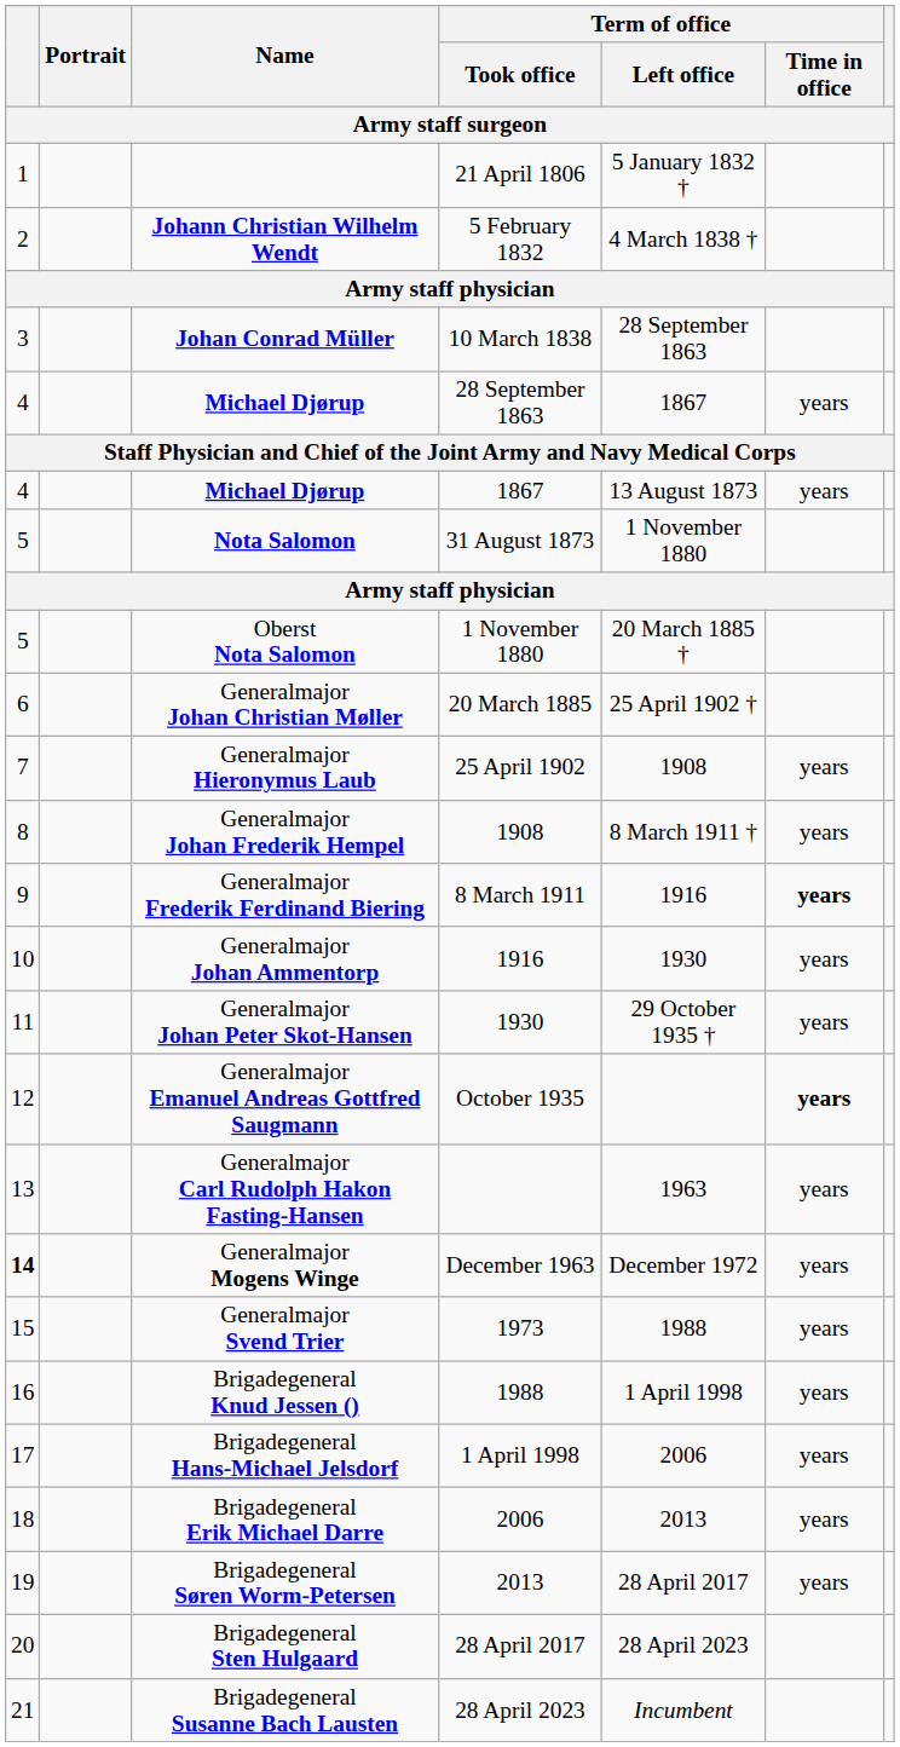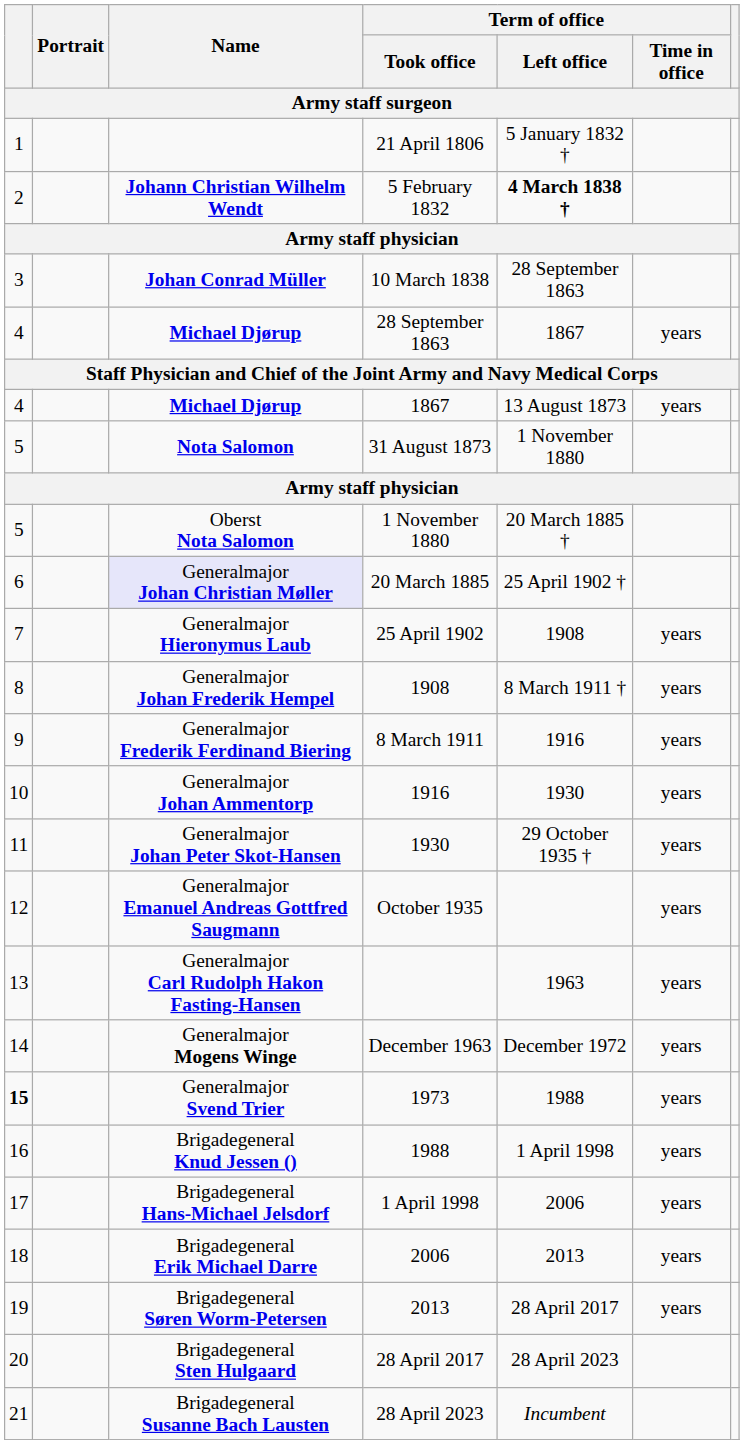 <table class="wikitable" style="text-align:center">
 <tr>
 <th rowspan=2></th>
 <th rowspan=2>Portrait</th>
 <th rowspan=2>Name<br></th>
 <th colspan=3>Term of office</th>
 <th rowspan=2></th>
 </tr>
 <tr>
 <th>Took office</th>
 <th>Left office</th>
 <th>Time in office</th>
 </tr>
 <tr>
 <th colspan=7>Army staff surgeon<br></th>
 </tr>
 <tr>
 <td>1</td>
 <td></td>
 <td><strong></strong><br></td>
 <td>21 April 1806</td>
 <td>5 January 1832 †</td>
 <td></td>
 <td></td>
 </tr>
 <tr>
 <td>2</td>
 <td></td>
 <td><strong><a href='#'>Johann Christian Wilhelm Wendt</a></strong><br></td>
 <td>5 February 1832</td>
-<td>4 March 1838 †</td>
+<td><strong>4 March 1838 †</strong></td>
 <td></td>
 <td></td>
 </tr>
 <tr>
 <th colspan=7>Army staff physician<br></th>
 </tr>
 <tr>
 <td>3</td>
 <td></td>
 <td><strong><a href='#'>Johan Conrad Müller</a></strong><br></td>
 <td>10 March 1838</td>
 <td>28 September 1863</td>
 <td></td>
 <td></td>
 </tr>
 <tr>
 <td>4</td>
 <td></td>
 <td><strong><a href='#'>Michael Djørup</a></strong><br></td>
 <td>28 September 1863</td>
 <td>1867</td>
 <td> years</td>
 <td></td>
 </tr>
 <tr>
 <th colspan=7>Staff Physician and Chief of the Joint Army and Navy Medical Corps<br></th>
 </tr>
 <tr>
 <td>4</td>
 <td></td>
 <td><strong><a href='#'>Michael Djørup</a></strong><br></td>
 <td>1867</td>
 <td>13 August 1873</td>
 <td> years</td>
 <td></td>
 </tr>
 <tr>
 <td>5</td>
 <td></td>
 <td><strong><a href='#'>Nota Salomon</a></strong><br></td>
 <td>31 August 1873</td>
 <td>1 November 1880</td>
 <td></td>
 <td></td>
 </tr>
 <tr>
 <th colspan=7>Army staff physician<br></th>
 </tr>
 <tr>
 <td>5</td>
 <td></td>
 <td>Oberst<br><strong><a href='#'>Nota Salomon</a></strong><br></td>
 <td>1 November 1880</td>
 <td>20 March 1885 †</td>
 <td></td>
 <td></td>
 </tr>
 <tr>
 <td>6</td>
 <td></td>
-<td>Generalmajor<br><strong><a href='#'>Johan Christian Møller</a></strong><br></td>
+<td style="background: lavender;">Generalmajor<br><strong><a href='#'>Johan Christian Møller</a></strong><br></td>
 <td>20 March 1885</td>
 <td>25 April 1902 †</td>
 <td></td>
 <td></td>
 </tr>
 <tr>
 <td>7</td>
 <td></td>
 <td>Generalmajor<br><strong><a href='#'>Hieronymus Laub</a></strong><br></td>
 <td>25 April 1902</td>
 <td>1908</td>
 <td> years</td>
 <td></td>
 </tr>
 <tr>
 <td>8</td>
 <td></td>
 <td>Generalmajor<br><strong><a href='#'>Johan Frederik Hempel</a></strong><br></td>
 <td>1908</td>
 <td>8 March 1911 †</td>
 <td> years</td>
 <td></td>
 </tr>
 <tr>
 <td>9</td>
 <td></td>
 <td>Generalmajor<br><strong><a href='#'>Frederik Ferdinand Biering</a></strong><br></td>
 <td>8 March 1911</td>
 <td>1916</td>
-<td><strong> years</strong></td>
+<td> years</td>
 <td></td>
 </tr>
 <tr>
 <td>10</td>
 <td></td>
 <td>Generalmajor<br><strong><a href='#'>Johan Ammentorp</a></strong><br></td>
 <td>1916</td>
 <td>1930</td>
 <td> years</td>
 <td></td>
 </tr>
 <tr>
 <td>11</td>
 <td></td>
 <td>Generalmajor<br><strong><a href='#'>Johan Peter Skot-Hansen</a></strong><br></td>
 <td>1930</td>
 <td>29 October 1935 †</td>
 <td> years</td>
 <td></td>
 </tr>
 <tr>
 <td>12</td>
 <td></td>
 <td>Generalmajor<br><strong><a href='#'>Emanuel Andreas Gottfred Saugmann</a></strong><br></td>
 <td>October 1935</td>
 <td></td>
-<td><strong> years</strong></td>
+<td> years</td>
 <td></td>
 </tr>
 <tr>
 <td>13</td>
 <td></td>
 <td>Generalmajor<br><strong><a href='#'>Carl Rudolph Hakon Fasting-Hansen</a></strong><br></td>
 <td></td>
 <td>1963</td>
 <td> years</td>
 <td></td>
 </tr>
 <tr>
-<td><strong>14</strong></td>
+<td>14</td>
 <td></td>
 <td>Generalmajor<br><strong>Mogens Winge</strong><br></td>
 <td>December 1963</td>
 <td>December 1972</td>
 <td> years</td>
 <td></td>
 </tr>
 <tr>
-<td>15</td>
+<td><strong>15</strong></td>
 <td></td>
 <td>Generalmajor<br><strong><a href='#'>Svend Trier</a></strong><br></td>
 <td>1973</td>
 <td>1988</td>
 <td> years</td>
 <td></td>
 </tr>
 <tr>
 <td>16</td>
 <td></td>
 <td>Brigadegeneral<br><strong><a href='#'>Knud Jessen ()</a></strong><br></td>
 <td>1988</td>
 <td>1 April 1998</td>
 <td> years</td>
 <td></td>
 </tr>
 <tr>
 <td>17</td>
 <td></td>
 <td>Brigadegeneral<br><strong><a href='#'>Hans-Michael Jelsdorf</a></strong><br></td>
 <td>1 April 1998</td>
 <td>2006</td>
 <td> years</td>
 <td></td>
 </tr>
 <tr>
 <td>18</td>
 <td></td>
 <td>Brigadegeneral<br><strong><a href='#'>Erik Michael Darre</a></strong><br></td>
 <td>2006</td>
 <td>2013</td>
 <td> years</td>
 <td></td>
 </tr>
 <tr>
 <td>19</td>
 <td></td>
 <td>Brigadegeneral<br><strong><a href='#'>Søren Worm-Petersen</a></strong><br></td>
 <td>2013</td>
 <td>28 April 2017</td>
 <td> years</td>
 <td></td>
 </tr>
 <tr>
 <td>20</td>
 <td></td>
 <td>Brigadegeneral<br><strong><a href='#'>Sten Hulgaard</a></strong><br></td>
 <td>28 April 2017</td>
 <td>28 April 2023</td>
 <td></td>
 <td></td>
 </tr>
 <tr>
 <td>21</td>
 <td></td>
 <td>Brigadegeneral<br><strong><a href='#'>Susanne Bach Lausten</a></strong><br></td>
 <td>28 April 2023</td>
 <td><em>Incumbent</em></td>
 <td></td>
 <td></td>
 </tr>
 </table>
